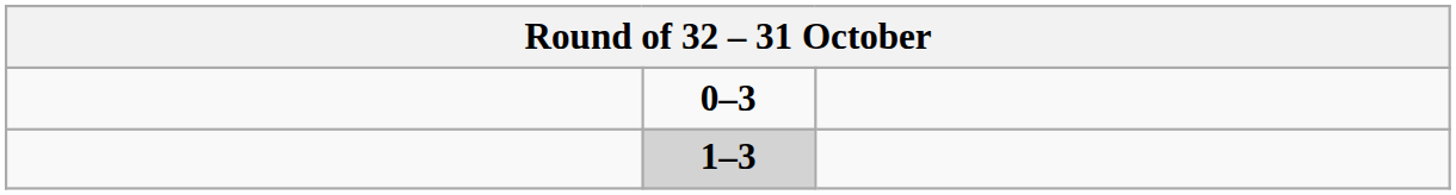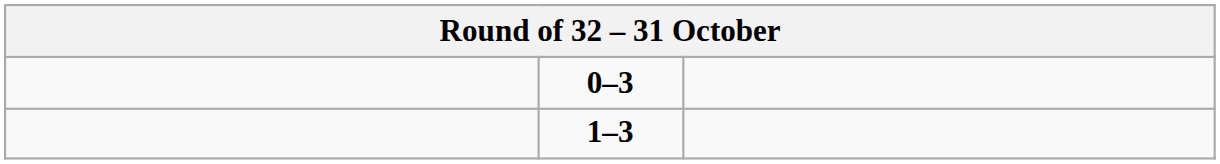 <table class="wikitable" style="text-align: center; font-size:90% ">
 <tr>
 <th colspan=3>Round of 32 – 31 October</th>
 </tr>
 <tr>
 <td align=left width="240"></td>
 <td align=center width="60"><strong>0–3</strong></td>
 <td align=left width="240"><strong></strong></td>
 </tr>
 <tr>
 <td align=left></td>
-<td align=center style="background: lightgrey;"><strong>1–3</strong></td>
+<td align=center><strong>1–3</strong></td>
 <td align=left><strong></strong></td>
 </tr>
 </table>
